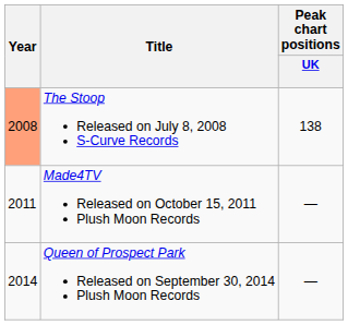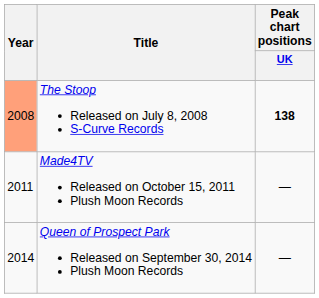 <table class="wikitable">
 <tr>
 <th rowspan="2">Year</th>
 <th rowspan="2">Title</th>
 <th colspan="1">Peak chart positions</th>
 </tr>
 <tr>
 <th style="width:3em;font-size:90%"><a href='#'>UK</a><br><br></th>
 </tr>
 <tr>
 <td style="background: lightsalmon;">2008</td>
 <td><em><a href='#'>The Stoop</a></em><br><ul><li>Released on July 8, 2008</li><li><a href='#'>S-Curve Records</a></li></ul></td>
-<td align="center">138</td>
+<td align="center"><strong>138</strong></td>
 </tr>
 <tr>
 <td>2011</td>
 <td><em><a href='#'>Made4TV</a></em><br><ul><li>Released on October 15, 2011</li><li>Plush Moon Records</li></ul></td>
 <td align="center">—</td>
 </tr>
 <tr>
 <td>2014</td>
 <td><em><a href='#'>Queen of Prospect Park</a></em><br><ul><li>Released on September 30, 2014</li><li>Plush Moon Records</li></ul></td>
 <td align="center">—</td>
 </tr>
 </table>
